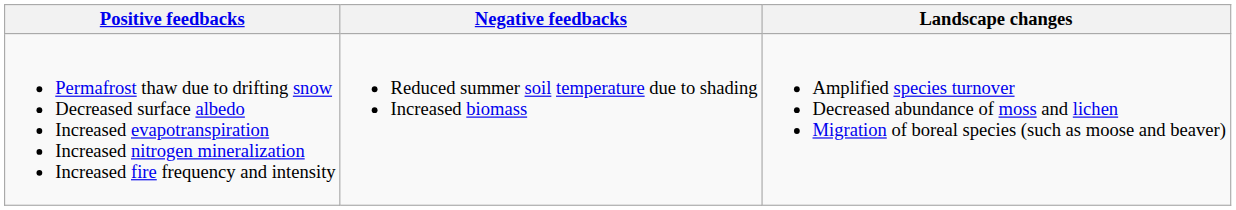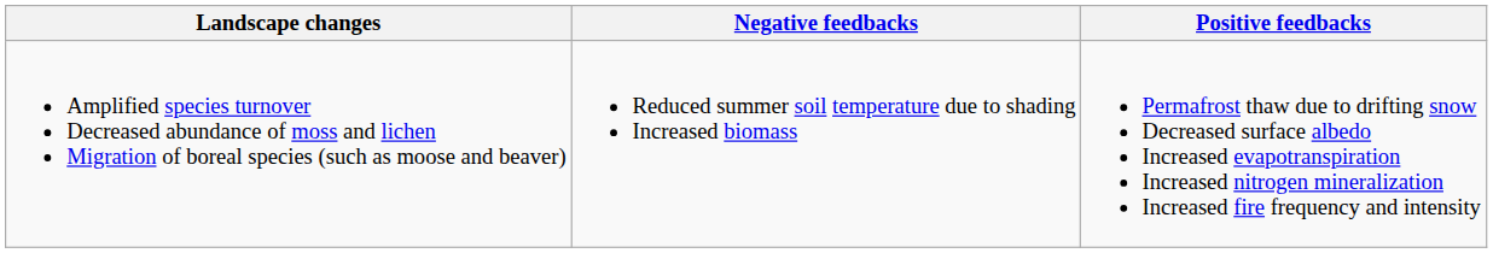 <table class="wikitable">
 <tr>
+<th>Landscape changes </th>
+<th><a href='#'>Negative feedbacks</a> </th>
 <th><a href='#'>Positive feedbacks</a> </th>
-<th><a href='#'>Negative feedbacks</a> </th>
-<th>Landscape changes </th>
 </tr>
 <tr style="vertical-align: top;">
+<td><br><ul><li>Amplified <a href='#'>species turnover</a></li><li>Decreased abundance of <a href='#'>moss</a>  and <a href='#'>lichen</a></li><li><a href='#'>Migration</a> of boreal species (such as moose and beaver)</li></ul></td>
+<td><br><ul><li>Reduced summer <a href='#'>soil</a> <a href='#'>temperature</a> due to shading</li><li>Increased <a href='#'>biomass</a></li></ul></td>
 <td><br><ul><li><a href='#'>Permafrost</a> thaw due to drifting <a href='#'>snow</a></li><li>Decreased surface <a href='#'>albedo</a></li><li>Increased <a href='#'>evapotranspiration</a></li><li>Increased <a href='#'>nitrogen mineralization</a></li><li>Increased <a href='#'>fire</a> frequency and  intensity</li></ul></td>
-<td><br><ul><li>Reduced summer <a href='#'>soil</a> <a href='#'>temperature</a> due to shading</li><li>Increased <a href='#'>biomass</a></li></ul></td>
-<td><br><ul><li>Amplified <a href='#'>species turnover</a></li><li>Decreased abundance of <a href='#'>moss</a>  and <a href='#'>lichen</a></li><li><a href='#'>Migration</a> of boreal species (such as moose and beaver)</li></ul></td>
 </tr>
 </table>
